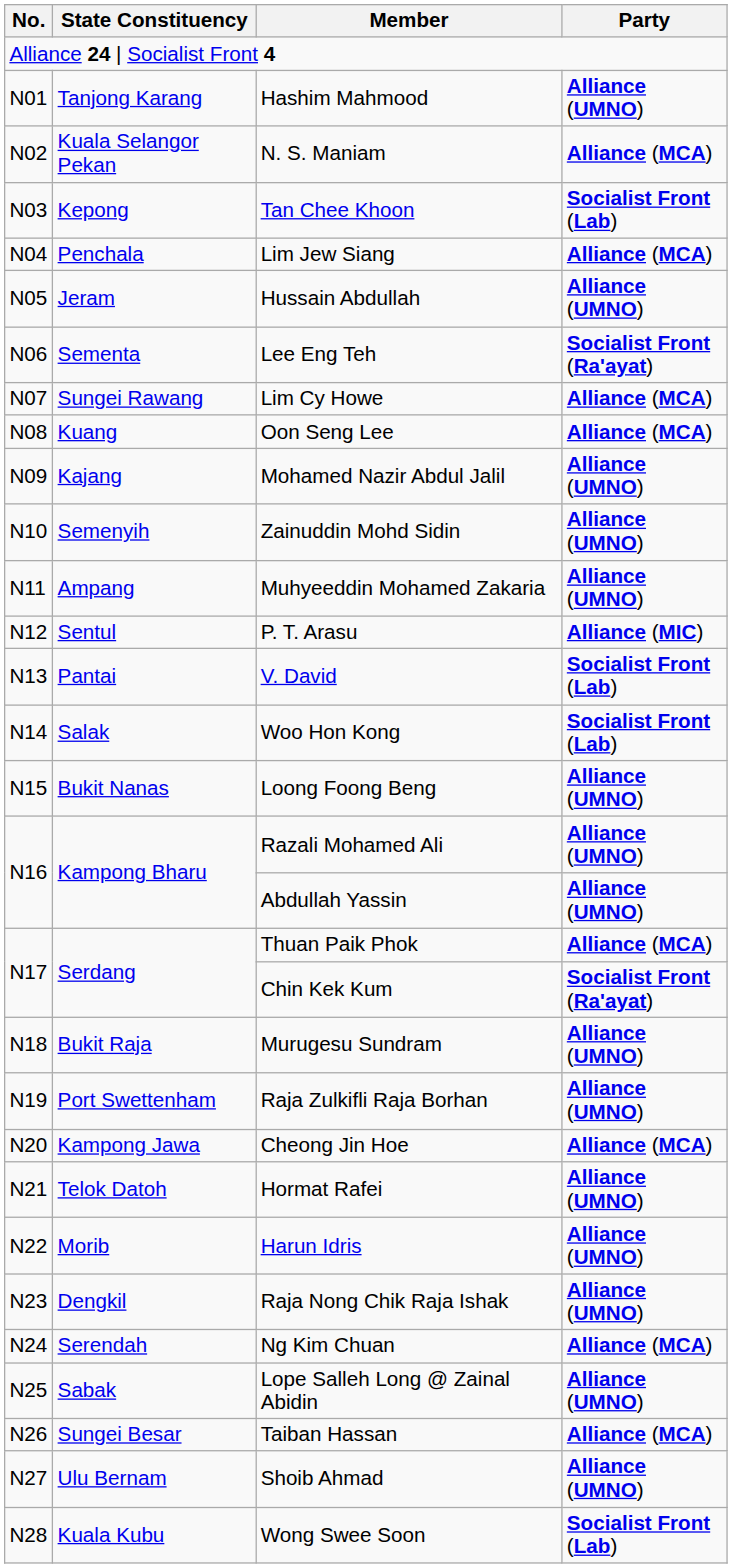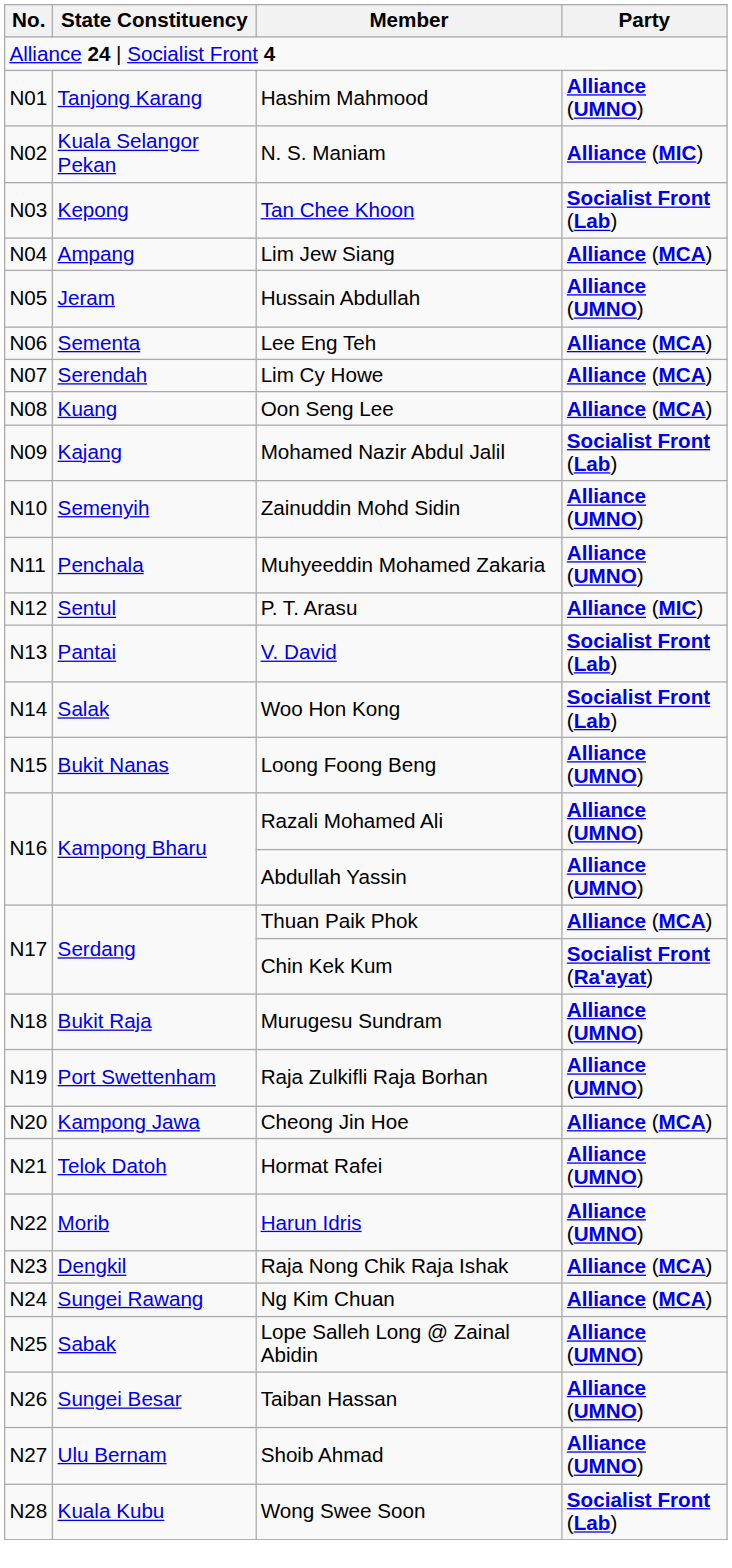 <table class="wikitable sortable">
 <tr>
 <th style="width:30px;">No.</th>
 <th style="width:150px;">State Constituency</th>
 <th style="width:230px;">Member</th>
 <th style="width:120px;">Party</th>
 </tr>
 <tr>
 <td colspan="4"><a href='#'>Alliance</a> <strong>24</strong> | <a href='#'>Socialist Front</a> <strong>4</strong></td>
 </tr>
 <tr>
 <td>N01</td>
 <td><a href='#'>Tanjong Karang</a></td>
 <td>Hashim Mahmood</td>
 <td><strong><a href='#'>Alliance</a></strong> (<strong><a href='#'>UMNO</a></strong>)</td>
 </tr>
 <tr>
 <td>N02</td>
 <td><a href='#'>Kuala Selangor Pekan</a></td>
 <td>N. S. Maniam</td>
-<td><strong><a href='#'>Alliance</a></strong> (<strong><a href='#'>MCA</a></strong>)</td>
+<td><strong><a href='#'>Alliance</a></strong> (<strong><a href='#'>MIC</a></strong>)</td>
 </tr>
 <tr>
 <td>N03</td>
 <td><a href='#'>Kepong</a></td>
 <td><a href='#'>Tan Chee Khoon</a></td>
 <td><strong><a href='#'>Socialist Front</a></strong> (<strong><a href='#'>Lab</a></strong>)</td>
 </tr>
 <tr>
 <td>N04</td>
-<td><a href='#'>Penchala</a></td>
+<td><a href='#'>Ampang</a></td>
 <td>Lim Jew Siang</td>
 <td><strong><a href='#'>Alliance</a></strong> (<strong><a href='#'>MCA</a></strong>)</td>
 </tr>
 <tr>
 <td>N05</td>
 <td><a href='#'>Jeram</a></td>
 <td>Hussain Abdullah</td>
 <td><strong><a href='#'>Alliance</a></strong> (<strong><a href='#'>UMNO</a></strong>)</td>
 </tr>
 <tr>
 <td>N06</td>
 <td><a href='#'>Sementa</a></td>
 <td>Lee Eng Teh</td>
-<td><strong><a href='#'>Socialist Front</a></strong> (<strong><a href='#'>Ra'ayat</a></strong>)</td>
+<td><strong><a href='#'>Alliance</a></strong> (<strong><a href='#'>MCA</a></strong>)</td>
 </tr>
 <tr>
 <td>N07</td>
-<td><a href='#'>Sungei Rawang</a></td>
+<td><a href='#'>Serendah</a></td>
 <td>Lim Cy Howe</td>
 <td><strong><a href='#'>Alliance</a></strong> (<strong><a href='#'>MCA</a></strong>)</td>
 </tr>
 <tr>
 <td>N08</td>
 <td><a href='#'>Kuang</a></td>
 <td>Oon Seng Lee</td>
 <td><strong><a href='#'>Alliance</a></strong> (<strong><a href='#'>MCA</a></strong>)</td>
 </tr>
 <tr>
 <td>N09</td>
 <td><a href='#'>Kajang</a></td>
 <td>Mohamed Nazir Abdul Jalil</td>
-<td><strong><a href='#'>Alliance</a></strong> (<strong><a href='#'>UMNO</a></strong>)</td>
+<td><strong><a href='#'>Socialist Front</a></strong> (<strong><a href='#'>Lab</a></strong>)</td>
 </tr>
 <tr>
 <td>N10</td>
 <td><a href='#'>Semenyih</a></td>
 <td>Zainuddin Mohd Sidin</td>
 <td><strong><a href='#'>Alliance</a></strong> (<strong><a href='#'>UMNO</a></strong>)</td>
 </tr>
 <tr>
 <td>N11</td>
-<td><a href='#'>Ampang</a></td>
+<td><a href='#'>Penchala</a></td>
 <td>Muhyeeddin Mohamed Zakaria</td>
 <td><strong><a href='#'>Alliance</a></strong> (<strong><a href='#'>UMNO</a></strong>)</td>
 </tr>
 <tr>
 <td>N12</td>
 <td><a href='#'>Sentul</a></td>
 <td>P. T. Arasu</td>
 <td><strong><a href='#'>Alliance</a></strong> (<strong><a href='#'>MIC</a></strong>)</td>
 </tr>
 <tr>
 <td>N13</td>
 <td><a href='#'>Pantai</a></td>
 <td><a href='#'>V. David</a></td>
 <td><strong><a href='#'>Socialist Front</a></strong> (<strong><a href='#'>Lab</a></strong>)</td>
 </tr>
 <tr>
 <td>N14</td>
 <td><a href='#'>Salak</a></td>
 <td>Woo Hon Kong</td>
 <td><strong><a href='#'>Socialist Front</a></strong> (<strong><a href='#'>Lab</a></strong>)</td>
 </tr>
 <tr>
 <td>N15</td>
 <td><a href='#'>Bukit Nanas</a></td>
 <td>Loong Foong Beng</td>
 <td><strong><a href='#'>Alliance</a></strong> (<strong><a href='#'>UMNO</a></strong>)</td>
 </tr>
 <tr>
 <td rowspan=2>N16</td>
 <td rowspan=2><a href='#'>Kampong Bharu</a></td>
 <td>Razali Mohamed Ali </td>
 <td><strong><a href='#'>Alliance</a></strong> (<strong><a href='#'>UMNO</a></strong>)</td>
 </tr>
 <tr>
 <td>Abdullah Yassin </td>
 <td><strong><a href='#'>Alliance</a></strong> (<strong><a href='#'>UMNO</a></strong>)</td>
 </tr>
 <tr>
 <td rowspan=2>N17</td>
 <td rowspan=2><a href='#'>Serdang</a></td>
 <td>Thuan Paik Phok </td>
 <td><strong><a href='#'>Alliance</a></strong> (<strong><a href='#'>MCA</a></strong>)</td>
 </tr>
 <tr>
 <td>Chin Kek Kum </td>
 <td><strong><a href='#'>Socialist Front</a></strong> (<strong><a href='#'>Ra'ayat</a></strong>)</td>
 </tr>
 <tr>
 <td>N18</td>
 <td><a href='#'>Bukit Raja</a></td>
 <td>Murugesu Sundram</td>
 <td><strong><a href='#'>Alliance</a></strong> (<strong><a href='#'>UMNO</a></strong>)</td>
 </tr>
 <tr>
 <td>N19</td>
 <td><a href='#'>Port Swettenham</a></td>
 <td>Raja Zulkifli Raja Borhan</td>
 <td><strong><a href='#'>Alliance</a></strong> (<strong><a href='#'>UMNO</a></strong>)</td>
 </tr>
 <tr>
 <td>N20</td>
 <td><a href='#'>Kampong Jawa</a></td>
 <td>Cheong Jin Hoe</td>
 <td><strong><a href='#'>Alliance</a></strong> (<strong><a href='#'>MCA</a></strong>)</td>
 </tr>
 <tr>
 <td>N21</td>
 <td><a href='#'>Telok Datoh</a></td>
 <td>Hormat Rafei</td>
 <td><strong><a href='#'>Alliance</a></strong> (<strong><a href='#'>UMNO</a></strong>)</td>
 </tr>
 <tr>
 <td>N22</td>
 <td><a href='#'>Morib</a></td>
 <td><a href='#'>Harun Idris</a></td>
 <td><strong><a href='#'>Alliance</a></strong> (<strong><a href='#'>UMNO</a></strong>)</td>
 </tr>
 <tr>
 <td>N23</td>
 <td><a href='#'>Dengkil</a></td>
 <td>Raja Nong Chik Raja Ishak</td>
-<td><strong><a href='#'>Alliance</a></strong> (<strong><a href='#'>UMNO</a></strong>)</td>
+<td><strong><a href='#'>Alliance</a></strong> (<strong><a href='#'>MCA</a></strong>)</td>
 </tr>
 <tr>
 <td>N24</td>
-<td><a href='#'>Serendah</a></td>
+<td><a href='#'>Sungei Rawang</a></td>
 <td>Ng Kim Chuan</td>
 <td><strong><a href='#'>Alliance</a></strong> (<strong><a href='#'>MCA</a></strong>)</td>
 </tr>
 <tr>
 <td>N25</td>
 <td><a href='#'>Sabak</a></td>
 <td>Lope Salleh Long @ Zainal Abidin</td>
 <td><strong><a href='#'>Alliance</a></strong> (<strong><a href='#'>UMNO</a></strong>)</td>
 </tr>
 <tr>
 <td>N26</td>
 <td><a href='#'>Sungei Besar</a></td>
 <td>Taiban Hassan</td>
-<td><strong><a href='#'>Alliance</a></strong> (<strong><a href='#'>MCA</a></strong>)</td>
+<td><strong><a href='#'>Alliance</a></strong> (<strong><a href='#'>UMNO</a></strong>)</td>
 </tr>
 <tr>
 <td>N27</td>
 <td><a href='#'>Ulu Bernam</a></td>
 <td>Shoib Ahmad</td>
 <td><strong><a href='#'>Alliance</a></strong> (<strong><a href='#'>UMNO</a></strong>)</td>
 </tr>
 <tr>
 <td>N28</td>
 <td><a href='#'>Kuala Kubu</a></td>
 <td>Wong Swee Soon</td>
 <td><strong><a href='#'>Socialist Front</a></strong> (<strong><a href='#'>Lab</a></strong>)</td>
 </tr>
 </table>
